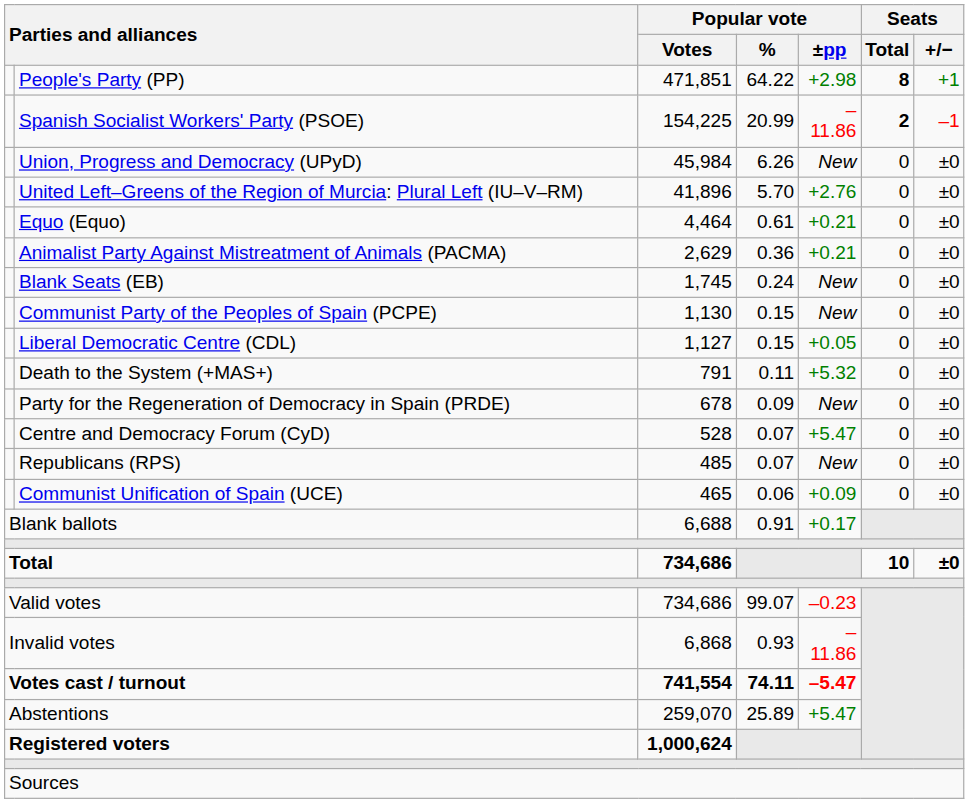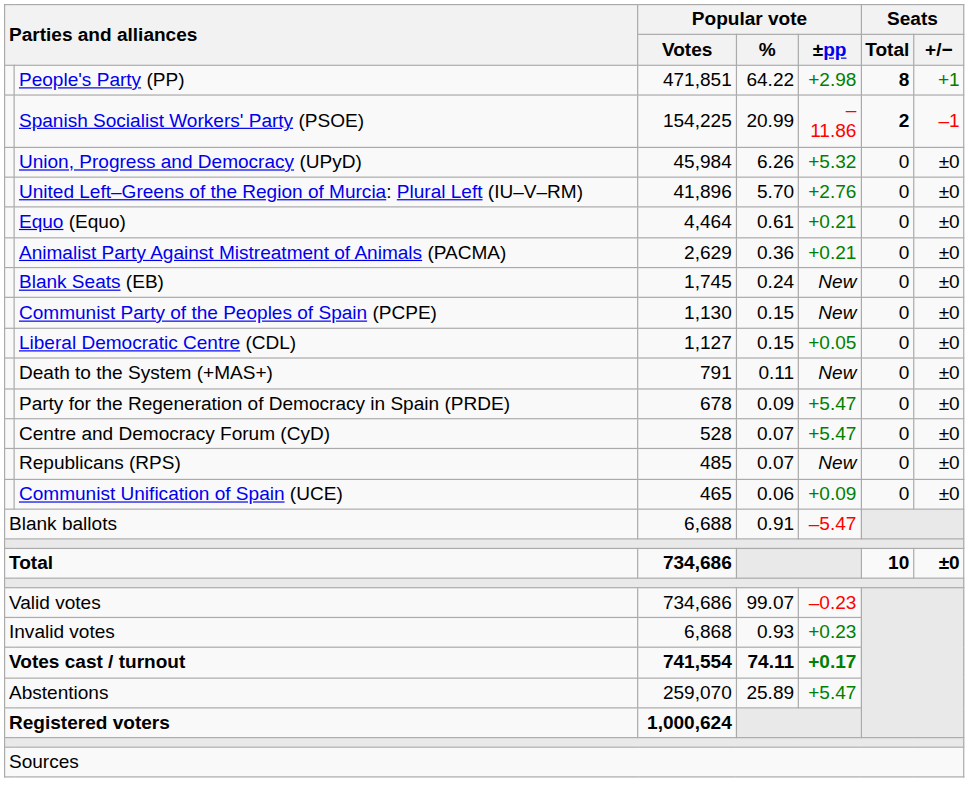 <table class="wikitable" style="text-align:right;">
 <tr>
 <th style="text-align:left;" rowspan="2" colspan="2" width="525">Parties and alliances</th>
 <th colspan="3">Popular vote</th>
 <th colspan="2">Seats</th>
 </tr>
 <tr>
 <th width="75">Votes</th>
 <th width="45">%</th>
 <th width="45">±<a href='#'>pp</a></th>
 <th width="35">Total</th>
 <th width="35">+/−</th>
 </tr>
 <tr>
 <td width="1" style="color:inherit;background:"></td>
 <td align="left"><a href='#'>People's Party</a> (PP)</td>
 <td>471,851</td>
 <td>64.22</td>
 <td style="color:green;">+2.98</td>
 <td><strong>8</strong></td>
 <td style="color:green;">+1</td>
 </tr>
 <tr>
 <td style="color:inherit;background:"></td>
 <td align="left"><a href='#'>Spanish Socialist Workers' Party</a> (PSOE)</td>
 <td>154,225</td>
 <td>20.99</td>
 <td style="color:red;">–11.86</td>
 <td><strong>2</strong></td>
 <td style="color:red;">–1</td>
 </tr>
 <tr>
 <td style="color:inherit;background:"></td>
 <td align="left"><a href='#'>Union, Progress and Democracy</a> (UPyD)</td>
 <td>45,984</td>
 <td>6.26</td>
-<td><em>New</em></td>
+<td style="color:green;">+5.32</td>
 <td>0</td>
 <td>±0</td>
 </tr>
 <tr>
 <td style="color:inherit;background:"></td>
 <td align="left"><a href='#'>United Left–Greens of the Region of Murcia</a>: <a href='#'>Plural Left</a> (IU–V–RM)</td>
 <td>41,896</td>
 <td>5.70</td>
 <td style="color:green;">+2.76</td>
 <td>0</td>
 <td>±0</td>
 </tr>
 <tr>
 <td style="color:inherit;background:"></td>
 <td align="left"><a href='#'>Equo</a> (Equo)</td>
 <td>4,464</td>
 <td>0.61</td>
 <td style="color:green;">+0.21</td>
 <td>0</td>
 <td>±0</td>
 </tr>
 <tr>
 <td style="color:inherit;background:"></td>
 <td align="left"><a href='#'>Animalist Party Against Mistreatment of Animals</a> (PACMA)</td>
 <td>2,629</td>
 <td>0.36</td>
 <td style="color:green;">+0.21</td>
 <td>0</td>
 <td>±0</td>
 </tr>
 <tr>
 <td style="color:inherit;background:"></td>
 <td align="left"><a href='#'>Blank Seats</a> (EB)</td>
 <td>1,745</td>
 <td>0.24</td>
 <td><em>New</em></td>
 <td>0</td>
 <td>±0</td>
 </tr>
 <tr>
 <td style="color:inherit;background:"></td>
 <td align="left"><a href='#'>Communist Party of the Peoples of Spain</a> (PCPE)</td>
 <td>1,130</td>
 <td>0.15</td>
 <td><em>New</em></td>
 <td>0</td>
 <td>±0</td>
 </tr>
 <tr>
 <td style="color:inherit;background:"></td>
 <td align="left"><a href='#'>Liberal Democratic Centre</a> (CDL)</td>
 <td>1,127</td>
 <td>0.15</td>
 <td style="color:green;">+0.05</td>
 <td>0</td>
 <td>±0</td>
 </tr>
 <tr>
 <td style="color:inherit;background:"></td>
 <td align="left">Death to the System (+MAS+)</td>
 <td>791</td>
 <td>0.11</td>
-<td style="color:green;">+5.32</td>
+<td><em>New</em></td>
 <td>0</td>
 <td>±0</td>
 </tr>
 <tr>
 <td style="color:inherit;background:"></td>
 <td align="left">Party for the Regeneration of Democracy in Spain (PRDE)</td>
 <td>678</td>
 <td>0.09</td>
-<td><em>New</em></td>
+<td style="color:green;">+5.47</td>
 <td>0</td>
 <td>±0</td>
 </tr>
 <tr>
 <td style="color:inherit;background:"></td>
 <td align="left">Centre and Democracy Forum (CyD)</td>
 <td>528</td>
 <td>0.07</td>
 <td style="color:green;">+5.47</td>
 <td>0</td>
 <td>±0</td>
 </tr>
 <tr>
 <td style="color:inherit;background:"></td>
 <td align="left">Republicans (RPS)</td>
 <td>485</td>
 <td>0.07</td>
 <td><em>New</em></td>
 <td>0</td>
 <td>±0</td>
 </tr>
 <tr>
 <td style="color:inherit;background:"></td>
 <td align="left"><a href='#'>Communist Unification of Spain</a> (UCE)</td>
 <td>465</td>
 <td>0.06</td>
 <td style="color:green;">+0.09</td>
 <td>0</td>
 <td>±0</td>
 </tr>
 <tr>
 <td align="left" colspan="2">Blank ballots</td>
 <td>6,688</td>
 <td>0.91</td>
-<td style="color:green;">+0.17</td>
+<td style="color:red;">–5.47</td>
 <td bgcolor="#E9E9E9" colspan="2"></td>
 </tr>
 <tr>
 <td colspan="7" bgcolor="#E9E9E9"></td>
 </tr>
 <tr style="font-weight:bold;">
 <td align="left" colspan="2">Total</td>
 <td>734,686</td>
 <td bgcolor="#E9E9E9" colspan="2"></td>
 <td>10</td>
 <td>±0</td>
 </tr>
 <tr>
 <td colspan="7" bgcolor="#E9E9E9"></td>
 </tr>
 <tr>
 <td align="left" colspan="2">Valid votes</td>
 <td>734,686</td>
 <td>99.07</td>
 <td style="color:red;">–0.23</td>
 <td bgcolor="#E9E9E9" colspan="2" rowspan="5"></td>
 </tr>
 <tr>
 <td align="left" colspan="2">Invalid votes</td>
 <td>6,868</td>
 <td>0.93</td>
-<td style="color:red;">–11.86</td>
+<td style="color:green;">+0.23</td>
 </tr>
 <tr style="font-weight:bold;">
 <td align="left" colspan="2">Votes cast / turnout</td>
 <td>741,554</td>
 <td>74.11</td>
-<td style="color:red;">–5.47</td>
+<td style="color:green;">+0.17</td>
 </tr>
 <tr>
 <td align="left" colspan="2">Abstentions</td>
 <td>259,070</td>
 <td>25.89</td>
 <td style="color:green;">+5.47</td>
 </tr>
 <tr style="font-weight:bold;">
 <td align="left" colspan="2">Registered voters</td>
 <td>1,000,624</td>
 <td bgcolor="#E9E9E9" colspan="2"></td>
 </tr>
 <tr>
 <td colspan="7" bgcolor="#E9E9E9"></td>
 </tr>
 <tr>
 <td align="left" colspan="7">Sources</td>
 </tr>
 </table>
